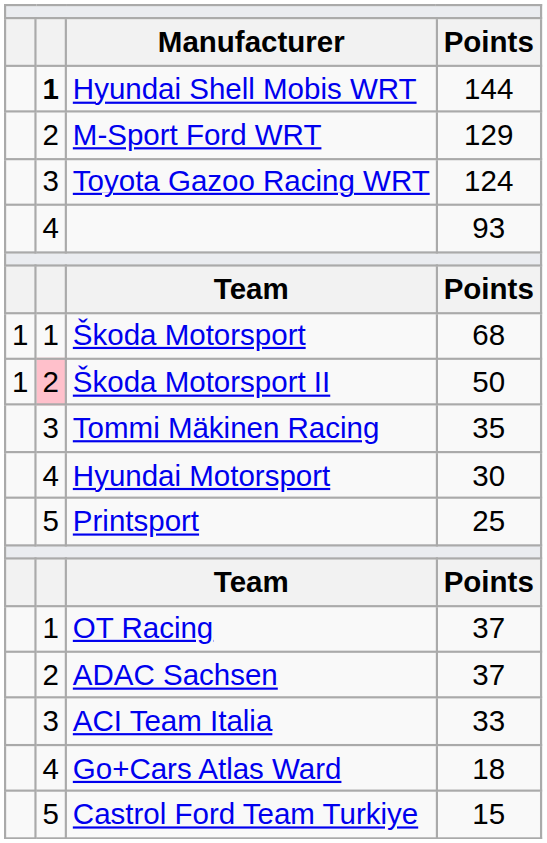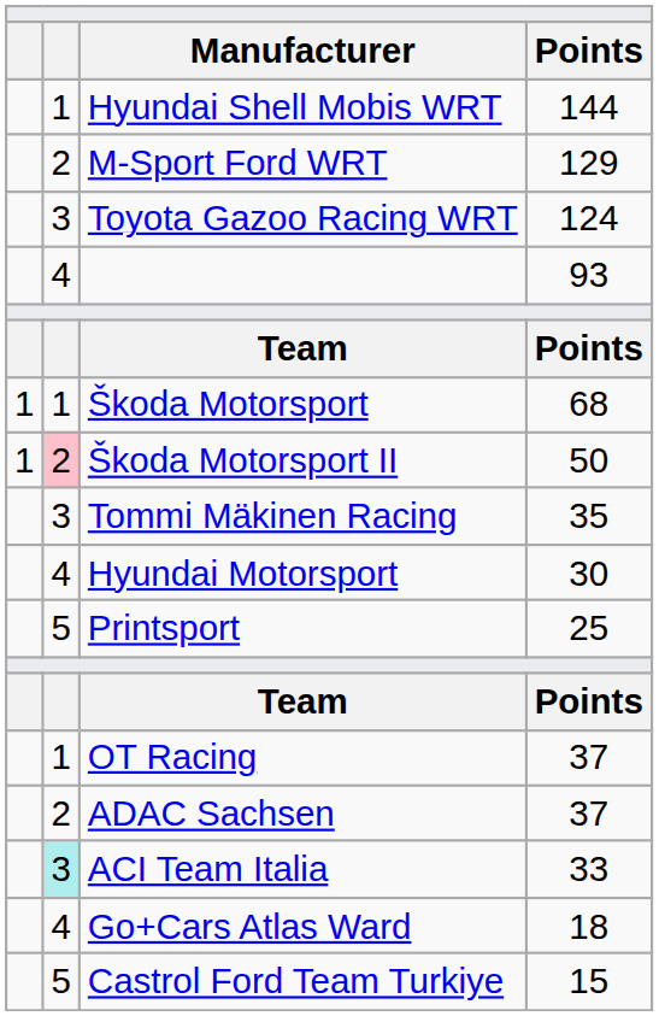 <table class="wikitable" style="font-size: 85%;">
 <tr>
 <td style="background-color:#EAECF0; text-align:center" colspan="4"></td>
 </tr>
 <tr>
 <th></th>
 <th></th>
 <th>Manufacturer</th>
 <th>Points</th>
 </tr>
 <tr>
 <td align="left"></td>
-<td align="center"><strong>1</strong></td>
+<td align="center">1</td>
 <td> <a href='#'>Hyundai Shell Mobis WRT</a></td>
 <td align="center">144</td>
 </tr>
 <tr>
 <td align="left"></td>
 <td align="center">2</td>
 <td> <a href='#'>M-Sport Ford WRT</a></td>
 <td align="center">129</td>
 </tr>
 <tr>
 <td align="left"></td>
 <td align="center">3</td>
 <td> <a href='#'>Toyota Gazoo Racing WRT</a></td>
 <td align="center">124</td>
 </tr>
 <tr>
 <td align="left"></td>
 <td align="center">4</td>
 <td></td>
 <td align="center">93</td>
 </tr>
 <tr>
 <td style="background-color:#EAECF0; text-align:center" colspan="4"></td>
 </tr>
 <tr>
 <th></th>
 <th></th>
 <th>Team</th>
 <th>Points</th>
 </tr>
 <tr>
 <td align="left"> 1</td>
 <td align="center">1</td>
 <td> <a href='#'>Škoda Motorsport</a></td>
 <td align="center">68</td>
 </tr>
 <tr>
 <td align="left"> 1</td>
 <td align="center" style="background: pink;">2</td>
 <td> <a href='#'>Škoda Motorsport II</a></td>
 <td align="center">50</td>
 </tr>
 <tr>
 <td align="left"></td>
 <td align="center">3</td>
 <td> <a href='#'>Tommi Mäkinen Racing</a></td>
 <td align="center">35</td>
 </tr>
 <tr>
 <td align="left"></td>
 <td align="center">4</td>
 <td> <a href='#'>Hyundai Motorsport</a></td>
 <td align="center">30</td>
 </tr>
 <tr>
 <td align="left"></td>
 <td align="center">5</td>
 <td> <a href='#'>Printsport</a></td>
 <td align="center">25</td>
 </tr>
 <tr>
 <td style="background-color:#EAECF0; text-align:center" colspan="4"></td>
 </tr>
 <tr>
 <th></th>
 <th></th>
 <th>Team</th>
 <th>Points</th>
 </tr>
 <tr>
 <td align="left"></td>
 <td align="center">1</td>
 <td> <a href='#'>OT Racing</a></td>
 <td align="center">37</td>
 </tr>
 <tr>
 <td align="left"></td>
 <td align="center">2</td>
 <td> <a href='#'>ADAC Sachsen</a></td>
 <td align="center">37</td>
 </tr>
 <tr>
 <td align="left"></td>
-<td align="center">3</td>
+<td align="center" style="background: paleturquoise;">3</td>
 <td> <a href='#'>ACI Team Italia</a></td>
 <td align="center">33</td>
 </tr>
 <tr>
 <td align="left"></td>
 <td align="center">4</td>
 <td> <a href='#'>Go+Cars Atlas Ward</a></td>
 <td align="center">18</td>
 </tr>
 <tr>
 <td align="left"></td>
 <td align="center">5</td>
 <td> <a href='#'>Castrol Ford Team Turkiye</a></td>
 <td align="center">15</td>
 </tr>
 </table>
